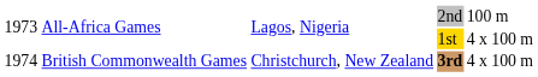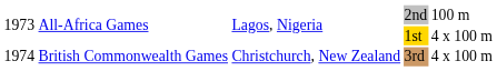 <table>
 <tr>
 <td rowspan=2>1973</td>
 <td rowspan=2><a href='#'>All-Africa Games</a></td>
 <td rowspan=2><a href='#'>Lagos</a>, <a href='#'>Nigeria</a></td>
 <td bgcolor="silver">2nd</td>
 <td>100 m</td>
 </tr>
 <tr>
 <td bgcolor="gold">1st</td>
 <td>4 x 100 m</td>
 </tr>
 <tr>
 <td>1974</td>
 <td><a href='#'>British Commonwealth Games</a></td>
 <td><a href='#'>Christchurch</a>, <a href='#'>New Zealand</a></td>
-<td bgcolor="cc9966"><strong>3rd</strong></td>
+<td bgcolor="cc9966">3rd</td>
 <td>4 x 100 m</td>
 </tr>
 </table>
